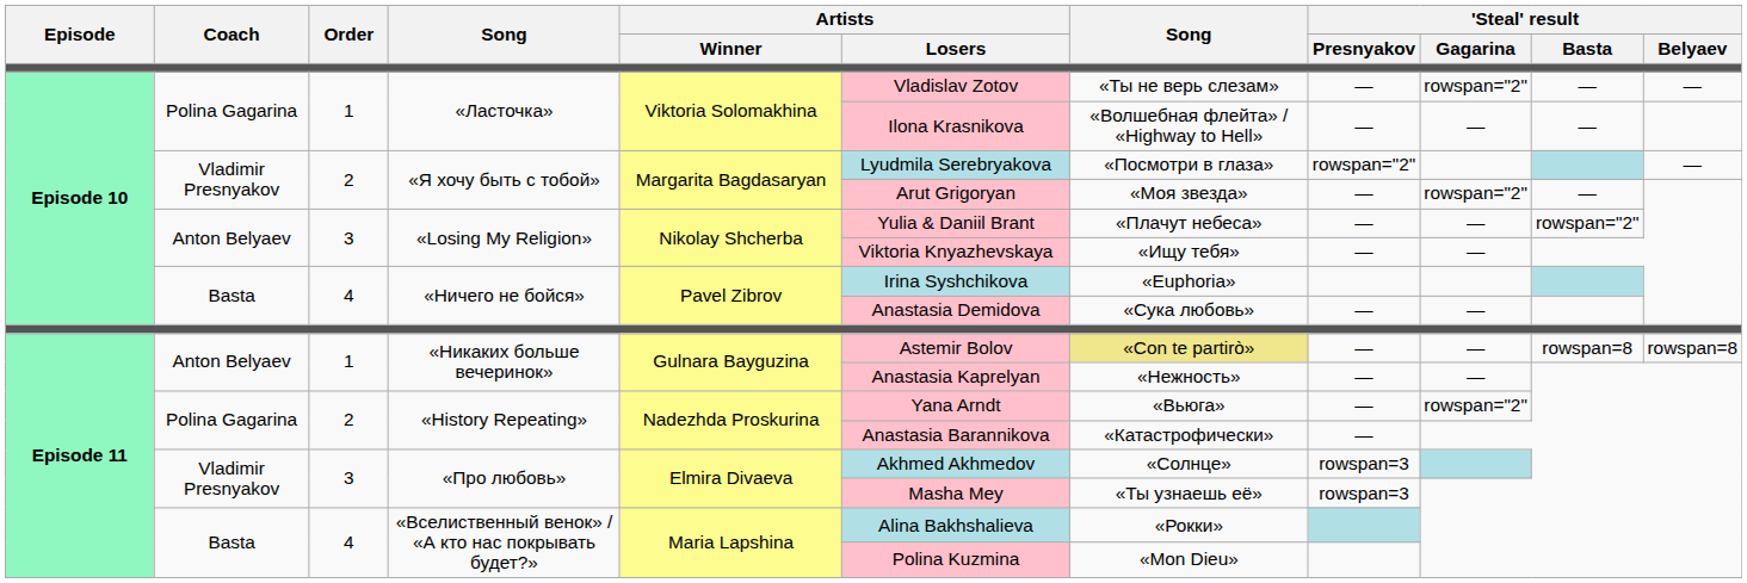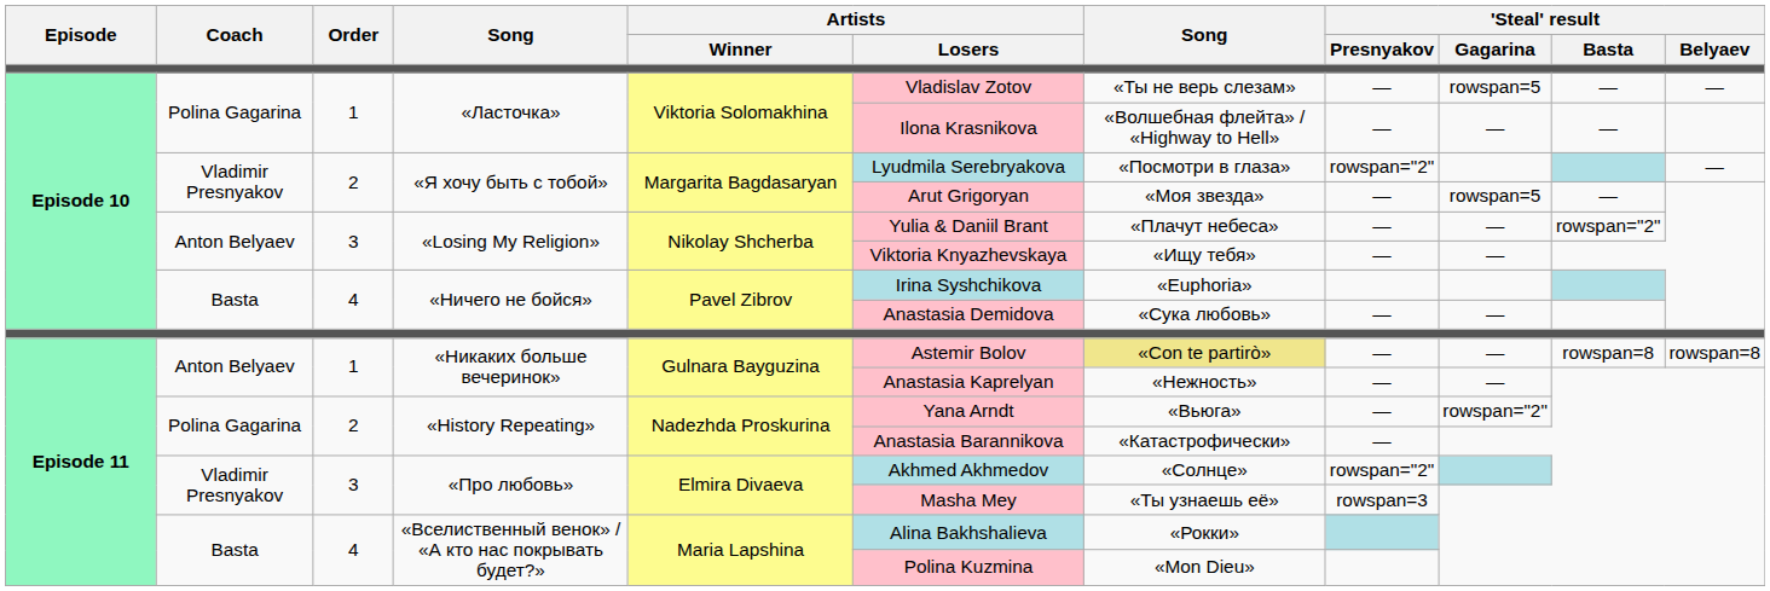 <table class="wikitable" style="text-align: center; width:120%;">
 <tr>
 <th rowspan=2 width="10%">Episode</th>
 <th rowspan=2 width="10%">Coach</th>
 <th rowspan=2 width="5%">Order</th>
 <th rowspan=2 width="15%">Song</th>
 <th colspan=2 width="30%">Artists</th>
 <th rowspan=2 width="15%">Song</th>
 <th colspan="4" style="width:20%;">'Steal' result</th>
 </tr>
 <tr>
 <th width="15%">Winner</th>
 <th width="15%">Losers</th>
 <th style="width:05%;">Presnyakov</th>
 <th style="width:05%;">Gagarina</th>
 <th style="width:05%;">Basta</th>
 <th style="width:05%;">Belyaev</th>
 </tr>
 <tr>
 <td colspan="11" style="background:#555;"></td>
 </tr>
 <tr>
 <th rowspan=8 style="background:#8ff7c0;">Episode 10<br><small></small> </th>
 <td rowspan=2>Polina Gagarina</td>
 <td rowspan=2>1</td>
 <td rowspan=2>«Ласточка»</td>
 <td rowspan=2 style="background:#fdfc8f;">Viktoria Solomakhina</td>
 <td style="background:pink;">Vladislav Zotov</td>
 <td>«Ты не верь слезам»</td>
 <td>—</td>
-<td>rowspan="2" </td>
+<td>rowspan=5 </td>
 <td>—</td>
 <td>—</td>
 </tr>
 <tr>
 <td style="background:pink;">Ilona Krasnikova</td>
 <td>«Волшебная флейта» / «Highway to Hell»</td>
 <td>—</td>
 <td>—</td>
 <td>—</td>
 </tr>
 <tr>
 <td rowspan=2>Vladimir Presnyakov</td>
 <td rowspan=2>2</td>
 <td rowspan=2>«Я хочу быть с тобой»</td>
 <td rowspan=2 style="background:#fdfc8f;">Margarita Bagdasaryan</td>
 <td style="background:#b0e0e6;">Lyudmila Serebryakova</td>
 <td>«Посмотри в глаза»</td>
 <td>rowspan="2" </td>
 <td><strong></strong></td>
 <td style="background:#b0e0e6;"><strong></strong></td>
 <td>—</td>
 </tr>
 <tr>
 <td style="background:pink;">Arut Grigoryan</td>
 <td>«Моя звезда»</td>
 <td>—</td>
-<td>rowspan="2" </td>
+<td>rowspan=5 </td>
 <td>—</td>
 </tr>
 <tr>
 <td rowspan=2>Anton Belyaev</td>
 <td rowspan=2>3</td>
 <td rowspan=2>«Losing My Religion»</td>
 <td rowspan=2 style="background:#fdfc8f;">Nikolay Shcherba</td>
 <td style="background:pink;">Yulia & Daniil Brant</td>
 <td>«Плачут небеса»</td>
 <td>—</td>
 <td>—</td>
 <td>rowspan="2" </td>
 </tr>
 <tr>
 <td style="background:pink;">Viktoria Knyazhevskaya</td>
 <td>«Ищу тебя»</td>
 <td>—</td>
 <td>—</td>
 </tr>
 <tr>
 <td rowspan=2>Basta</td>
 <td rowspan=2>4</td>
 <td rowspan=2>«Ничего не бойся»</td>
 <td rowspan=2 style="background:#fdfc8f;">Pavel Zibrov</td>
 <td style="background:#b0e0e6;">Irina Syshchikova</td>
 <td>«Euphoria»</td>
 <td><strong></strong></td>
 <td><strong></strong></td>
 <td style="background:#b0e0e6;"><strong></strong></td>
 </tr>
 <tr>
 <td style="background:pink;">Anastasia Demidova</td>
 <td>«Сука любовь»</td>
 <td>—</td>
 <td>—</td>
 <td></td>
 </tr>
 <tr>
 <td colspan="11" style="background:#555;"></td>
 </tr>
 <tr>
 <th rowspan=8 style="background:#8ff7c0;">Episode 11<br><small></small> </th>
 <td rowspan=2>Anton Belyaev</td>
 <td rowspan=2>1</td>
 <td rowspan=2>«Никаких больше вечеринок»</td>
 <td rowspan=2 style="background:#fdfc8f;">Gulnara Bayguzina</td>
 <td style="background:pink;">Astemir Bolov</td>
 <td style="background: khaki;">«Con te partirò»</td>
 <td>—</td>
 <td>—</td>
 <td>rowspan=8 </td>
 <td>rowspan=8 </td>
 </tr>
 <tr>
 <td style="background:pink;">Anastasia Kaprelyan</td>
 <td>«Нежность»</td>
 <td>—</td>
 <td>—</td>
 </tr>
 <tr>
 <td rowspan=2>Polina Gagarina</td>
 <td rowspan=2>2</td>
 <td rowspan=2>«History Repeating»</td>
 <td rowspan=2 style="background:#fdfc8f;">Nadezhda Proskurina</td>
 <td style="background:pink;">Yana Arndt</td>
 <td>«Вьюга»</td>
 <td>—</td>
 <td>rowspan="2" </td>
 </tr>
 <tr>
 <td style="background:pink;">Anastasia Barannikova</td>
 <td>«Катастрофически»</td>
 <td>—</td>
 </tr>
 <tr>
 <td rowspan=2>Vladimir Presnyakov</td>
 <td rowspan=2>3</td>
 <td rowspan=2>«Про любовь»</td>
 <td rowspan=2 style="background:#fdfc8f;">Elmira Divaeva</td>
 <td style="background:#b0e0e6;">Akhmed Akhmedov</td>
 <td>«Солнце»</td>
-<td>rowspan=3 </td>
+<td>rowspan="2" </td>
 <td style="background:#b0e0e6;"><strong></strong></td>
 </tr>
 <tr>
 <td style="background:pink;">Masha Mey</td>
 <td>«Ты узнаешь её»</td>
 <td>rowspan=3 </td>
 </tr>
 <tr>
 <td rowspan=2>Basta</td>
 <td rowspan=2>4</td>
 <td rowspan=2>«Вселиственный венок» / «А кто нас покрывать будет?»</td>
 <td rowspan=2 style="background:#fdfc8f;">Maria Lapshina</td>
 <td style="background:#b0e0e6;">Alina Bakhshalieva</td>
 <td>«Рокки»</td>
 <td style="background:#b0e0e6;"><strong></strong></td>
 </tr>
 <tr>
 <td style="background:pink;">Polina Kuzmina</td>
 <td>«Mon Dieu»</td>
 <td></td>
 </tr>
 </table>
